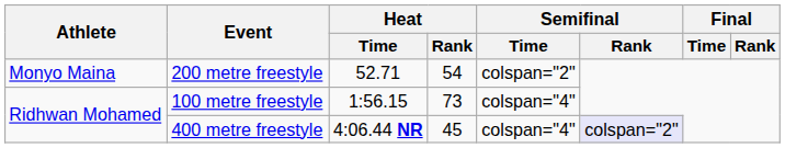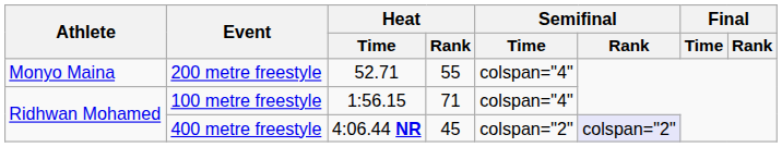 <table class="wikitable" style="text-align:center; font-size:90%; width:50%;">
 <tr>
 <th rowspan="2">Athlete</th>
 <th rowspan="2">Event</th>
 <th colspan="2">Heat</th>
 <th colspan="2">Semifinal</th>
 <th colspan="2">Final</th>
 </tr>
 <tr style="font-size:95%">
 <th>Time</th>
 <th>Rank</th>
 <th>Time</th>
 <th>Rank</th>
 <th>Time</th>
 <th>Rank</th>
 </tr>
 <tr align=center>
 <td align=left><a href='#'>Monyo Maina</a></td>
 <td align=left><a href='#'>200 metre freestyle</a></td>
 <td>52.71</td>
-<td>54</td>
-<td>colspan="2" </td>
+<td>55</td>
+<td>colspan="4" </td>
 </tr>
 <tr align=center>
 <td align=left rowspan="2"><a href='#'>Ridhwan Mohamed</a></td>
 <td align=left><a href='#'>100 metre freestyle</a></td>
 <td>1:56.15</td>
-<td>73</td>
+<td>71</td>
 <td>colspan="4" </td>
 </tr>
 <tr align=center>
 <td align=left><a href='#'>400 metre freestyle</a></td>
 <td>4:06.44 <strong><a href='#'>NR</a></strong></td>
 <td>45</td>
-<td>colspan="4" </td>
+<td>colspan="2" </td>
 <td style="background: lavender;">colspan="2" </td>
 </tr>
 </table>
